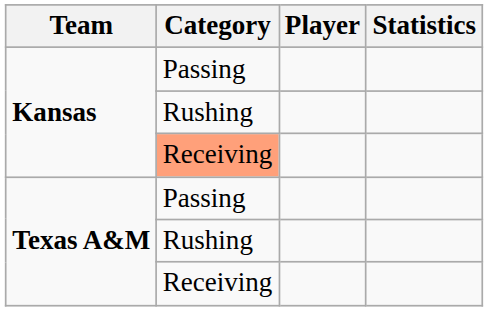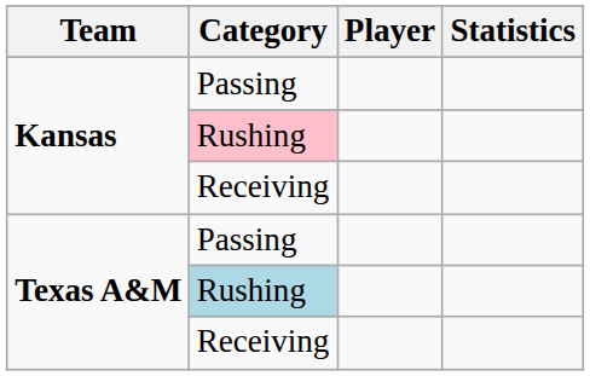 <table class="wikitable" style="float: right;">
 <tr>
 <th>Team</th>
 <th>Category</th>
 <th>Player</th>
 <th>Statistics</th>
 </tr>
 <tr>
 <td rowspan=3><strong>Kansas</strong></td>
 <td>Passing</td>
 <td></td>
 <td></td>
 </tr>
 <tr>
-<td>Rushing</td>
+<td style="background: pink;">Rushing</td>
 <td></td>
 <td></td>
 </tr>
 <tr>
-<td style="background: lightsalmon;">Receiving</td>
+<td>Receiving</td>
 <td></td>
 <td></td>
 </tr>
 <tr>
 <td rowspan=3><strong>Texas A&M</strong></td>
 <td>Passing</td>
 <td></td>
 <td></td>
 </tr>
 <tr>
-<td>Rushing</td>
+<td style="background: lightblue;">Rushing</td>
 <td></td>
 <td></td>
 </tr>
 <tr>
 <td>Receiving</td>
 <td></td>
 <td></td>
 </tr>
 </table>
